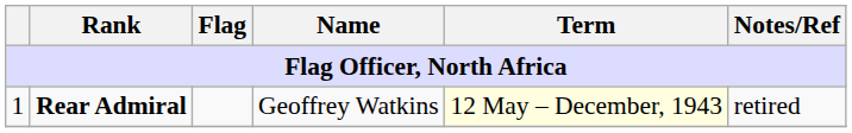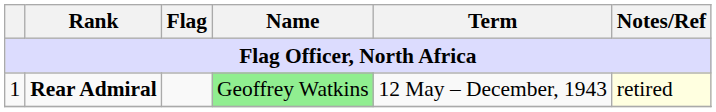 <table class="wikitable">
 <tr>
 <th></th>
 <th>Rank</th>
 <th>Flag</th>
 <th>Name</th>
 <th>Term</th>
 <th>Notes/Ref</th>
 </tr>
 <tr>
 <td colspan="6" align="center" style="background:#dcdcfe;"><strong>Flag Officer, North Africa</strong> </td>
 </tr>
 <tr>
 <td>1</td>
 <td><strong>Rear Admiral</strong></td>
 <td></td>
-<td>Geoffrey Watkins</td>
-<td style="background: lightyellow;">12 May – December, 1943</td>
-<td>retired</td>
+<td style="background: lightgreen;">Geoffrey Watkins</td>
+<td>12 May – December, 1943</td>
+<td style="background: lightyellow;">retired</td>
 </tr>
 <tr>
 </tr>
 </table>
